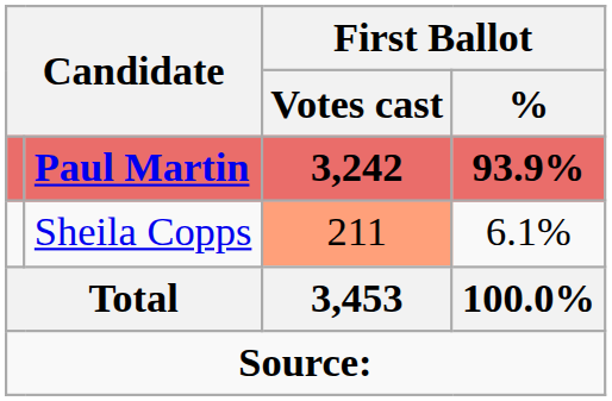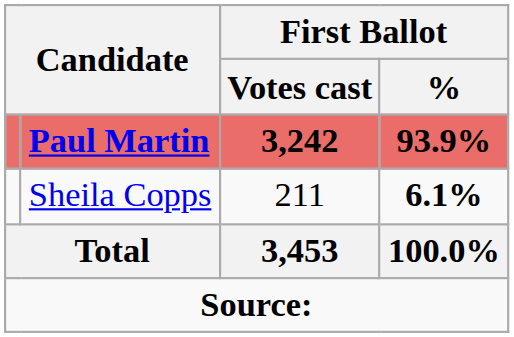 <table class="wikitable">
 <tr>
 <th rowspan="2" colspan="2">Candidate</th>
 <th colspan = "2">First Ballot</th>
 </tr>
 <tr>
 <th>Votes cast</th>
 <th>%</th>
 </tr>
 <tr style="background:#EA6D6A">
 <td></td>
 <td><strong><a href='#'>Paul Martin</a></strong></td>
 <td align = "center"><strong>3,242</strong></td>
 <td align = "center"><strong>93.9%</strong></td>
 </tr>
 <tr>
 <td></td>
 <td><a href='#'>Sheila Copps</a></td>
-<td align = "center" style="background: lightsalmon;">211</td>
-<td align = "center">6.1%</td>
+<td align = "center">211</td>
+<td align = "center"><strong>6.1%</strong></td>
 </tr>
 <tr>
 <th colspan = "2">Total</th>
 <th align = "center">3,453</th>
 <th align = "center">100.0%</th>
 </tr>
 <tr>
 <td align="center" colspan=12><strong>Source:</strong>  </td>
 </tr>
 </table>
